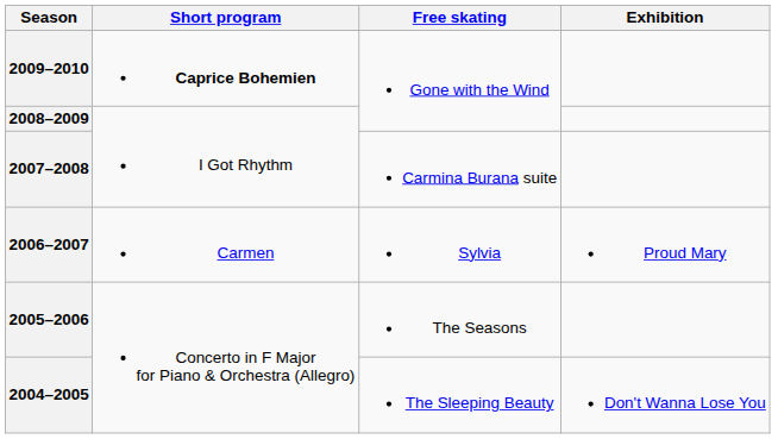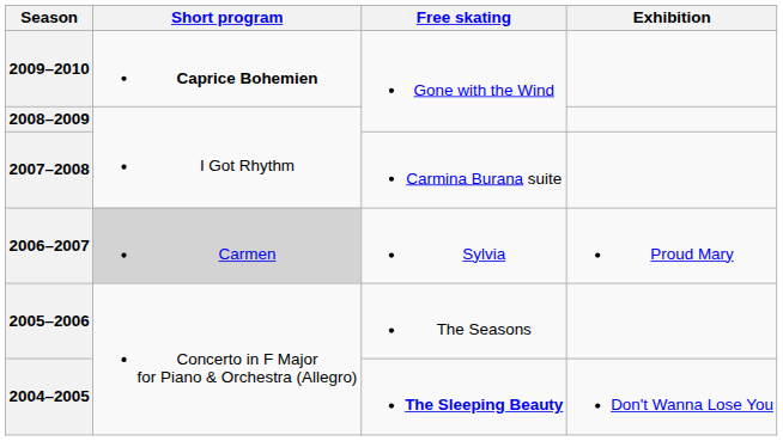 <table class="wikitable" style="text-align:center">
 <tr>
 <th>Season</th>
 <th><a href='#'>Short program</a></th>
 <th><a href='#'>Free skating</a></th>
 <th>Exhibition</th>
 </tr>
 <tr>
 <th>2009–2010 <br></th>
 <td><strong><br><ul><li>Caprice Bohemien <br></li></ul></strong></td>
 <td rowspan=2><br><ul><li><a href='#'>Gone with the Wind</a> <br></li></ul></td>
 <td></td>
 </tr>
 <tr>
 <th>2008–2009 <br></th>
 <td rowspan=2><br><ul><li>I Got Rhythm <br></li></ul></td>
 <td></td>
 </tr>
 <tr>
 <th>2007–2008 <br></th>
 <td><br><ul><li><a href='#'>Carmina Burana</a> suite <br></li></ul></td>
 <td></td>
 </tr>
 <tr>
 <th>2006–2007 <br></th>
-<td><br><ul><li><a href='#'>Carmen</a> <br></li></ul></td>
+<td style="background: lightgrey;"><br><ul><li><a href='#'>Carmen</a> <br></li></ul></td>
 <td><br><ul><li><a href='#'>Sylvia</a> <br></li></ul></td>
 <td><br><ul><li><a href='#'>Proud Mary</a> <br></li></ul></td>
 </tr>
 <tr>
 <th>2005–2006 <br></th>
 <td rowspan=2><br><ul><li>Concerto in F Major <br>for Piano & Orchestra (Allegro) <br></li></ul></td>
 <td><br><ul><li>The Seasons <br></li></ul></td>
 <td></td>
 </tr>
 <tr>
 <th>2004–2005 <br></th>
-<td><br><ul><li><a href='#'>The Sleeping Beauty</a> <br></li></ul></td>
+<td><strong><br><ul><li><a href='#'>The Sleeping Beauty</a> <br></li></ul></strong></td>
 <td><br><ul><li><a href='#'>Don't Wanna Lose You</a> <br></li></ul></td>
 </tr>
 </table>
